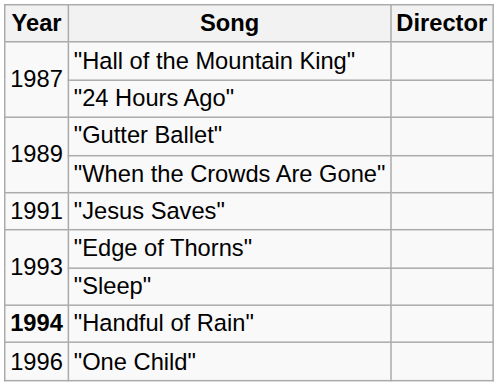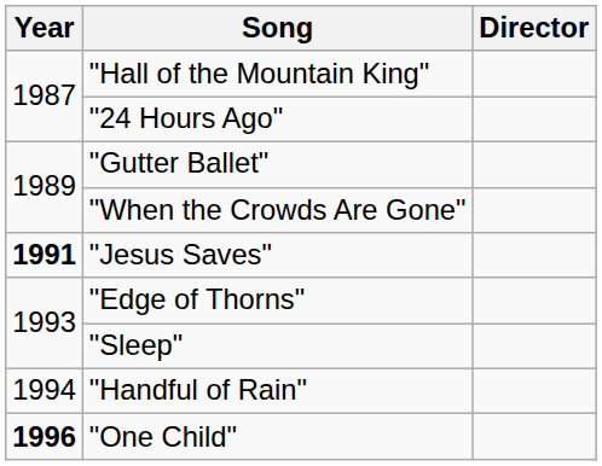 <table class=wikitable>
 <tr>
 <th>Year</th>
 <th>Song</th>
 <th>Director</th>
 </tr>
 <tr>
 <td rowspan="2">1987</td>
 <td>"Hall of the Mountain King"</td>
 <td></td>
 </tr>
 <tr>
 <td>"24 Hours Ago"</td>
 <td></td>
 </tr>
 <tr>
 <td rowspan="2">1989</td>
 <td>"Gutter Ballet"</td>
 <td></td>
 </tr>
 <tr>
 <td>"When the Crowds Are Gone"</td>
 <td></td>
 </tr>
 <tr>
-<td>1991</td>
+<td><strong>1991</strong></td>
 <td>"Jesus Saves"</td>
 <td></td>
 </tr>
 <tr>
 <td rowspan="2">1993</td>
 <td>"Edge of Thorns"</td>
 <td></td>
 </tr>
 <tr>
 <td>"Sleep"</td>
 <td></td>
 </tr>
 <tr>
-<td><strong>1994</strong></td>
+<td>1994</td>
 <td>"Handful of Rain"</td>
 <td></td>
 </tr>
 <tr>
-<td>1996</td>
+<td><strong>1996</strong></td>
 <td>"One Child"</td>
 <td></td>
 </tr>
 </table>
